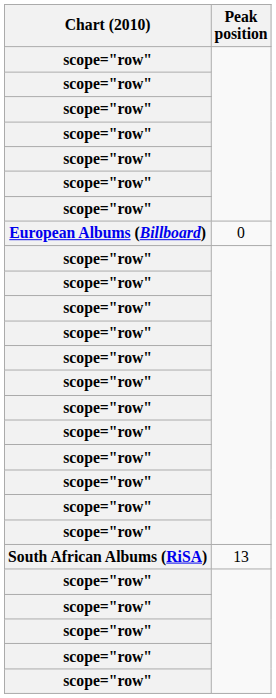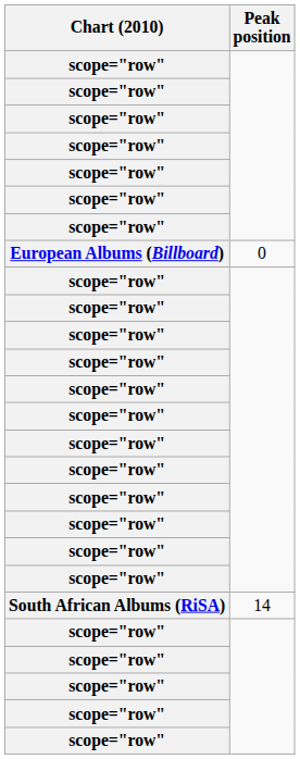 <table class="wikitable sortable plainrowheaders" style="text-align:center">
 <tr>
 <th scope="col">Chart (2010)</th>
 <th scope="col">Peak<br>position</th>
 </tr>
 <tr>
 <th>scope="row" </th>
 </tr>
 <tr>
 <th>scope="row" </th>
 </tr>
 <tr>
 <th>scope="row" </th>
 </tr>
 <tr>
 <th>scope="row" </th>
 </tr>
 <tr>
 <th>scope="row" </th>
 </tr>
 <tr>
 <th>scope="row" </th>
 </tr>
 <tr>
 <th>scope="row" </th>
 </tr>
 <tr>
 <th scope="row"><a href='#'>European Albums</a> (<em><a href='#'>Billboard</a></em>)</th>
 <td>0</td>
 </tr>
 <tr>
 <th>scope="row" </th>
 </tr>
 <tr>
 <th>scope="row" </th>
 </tr>
 <tr>
 <th>scope="row" </th>
 </tr>
 <tr>
 <th>scope="row" </th>
 </tr>
 <tr>
 <th>scope="row" </th>
 </tr>
 <tr>
 <th>scope="row" </th>
 </tr>
 <tr>
 <th>scope="row" </th>
 </tr>
 <tr>
 <th>scope="row" </th>
 </tr>
 <tr>
 <th>scope="row" </th>
 </tr>
 <tr>
 <th>scope="row" </th>
 </tr>
 <tr>
 <th>scope="row" </th>
 </tr>
 <tr>
 <th>scope="row" </th>
 </tr>
 <tr>
 <th scope="row">South African Albums (<a href='#'>RiSA</a>)</th>
-<td>13</td>
+<td>14</td>
 </tr>
 <tr>
 <th>scope="row" </th>
 </tr>
 <tr>
 <th>scope="row" </th>
 </tr>
 <tr>
 <th>scope="row" </th>
 </tr>
 <tr>
 <th>scope="row" </th>
 </tr>
 <tr>
 <th>scope="row" </th>
 </tr>
 </table>
